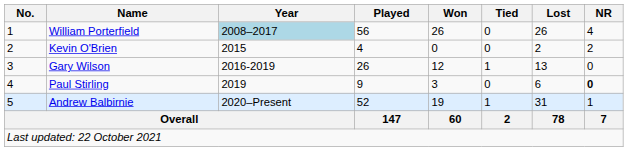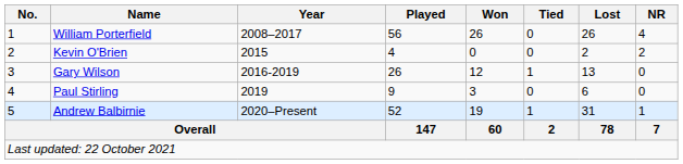 <table class="wikitable" style="width:70%;">
 <tr>
 <th>No.</th>
 <th>Name</th>
 <th>Year</th>
 <th>Played</th>
 <th>Won</th>
 <th>Tied</th>
 <th>Lost</th>
 <th>NR</th>
 </tr>
 <tr>
 <td>1</td>
 <td><a href='#'>William Porterfield</a></td>
-<td style="background: lightblue;">2008–2017</td>
+<td>2008–2017</td>
 <td>56</td>
 <td>26</td>
 <td>0</td>
 <td>26</td>
 <td>4</td>
 </tr>
 <tr>
 <td>2</td>
 <td><a href='#'>Kevin O'Brien</a></td>
 <td>2015</td>
 <td>4</td>
 <td>0</td>
 <td>0</td>
 <td>2</td>
 <td>2</td>
 </tr>
 <tr>
 <td>3</td>
 <td><a href='#'>Gary Wilson</a></td>
 <td>2016-2019</td>
 <td>26</td>
 <td>12</td>
 <td>1</td>
 <td>13</td>
 <td>0</td>
 </tr>
 <tr>
 <td>4</td>
 <td><a href='#'>Paul Stirling</a></td>
 <td>2019</td>
 <td>9</td>
 <td>3</td>
 <td>0</td>
 <td>6</td>
-<td><strong>0</strong></td>
+<td>0</td>
 </tr>
 <tr bgcolor="#def">
 <td>5</td>
 <td><a href='#'>Andrew Balbirnie</a></td>
 <td>2020–Present</td>
 <td>52</td>
 <td>19</td>
 <td>1</td>
 <td>31</td>
 <td>1</td>
 </tr>
 <tr>
 <th colspan=3><strong>Overall</strong></th>
 <th>147</th>
 <th>60</th>
 <th>2</th>
 <th>78</th>
 <th>7</th>
 </tr>
 <tr>
 <td colspan=10><em>Last updated: 22 October 2021</em></td>
 </tr>
 </table>
